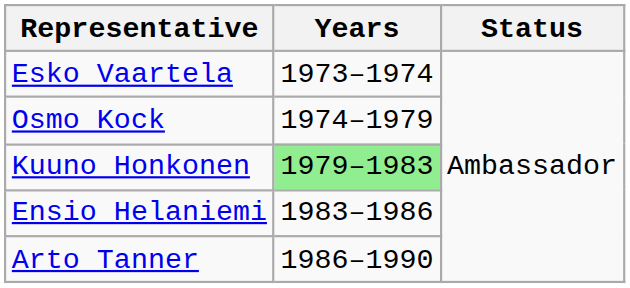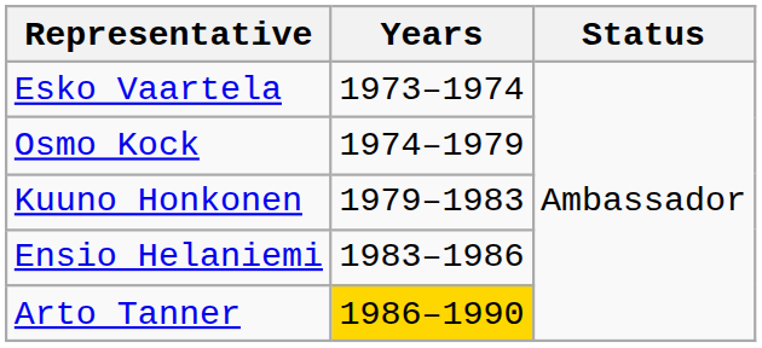 <table class="wikitable sortable">
 <tr>
 <th>Representative</th>
 <th>Years</th>
 <th>Status</th>
 </tr>
 <tr>
 <td><a href='#'>Esko Vaartela</a></td>
 <td>1973–1974</td>
 <td rowspan="5">Ambassador</td>
 </tr>
 <tr>
 <td><a href='#'>Osmo Kock</a></td>
 <td>1974–1979</td>
 </tr>
 <tr>
 <td><a href='#'>Kuuno Honkonen</a></td>
-<td style="background: lightgreen;">1979–1983</td>
+<td>1979–1983</td>
 </tr>
 <tr>
 <td><a href='#'>Ensio Helaniemi</a></td>
 <td>1983–1986</td>
 </tr>
 <tr>
 <td><a href='#'>Arto Tanner</a></td>
-<td>1986–1990</td>
+<td style="background: gold;">1986–1990</td>
 </tr>
 </table>
